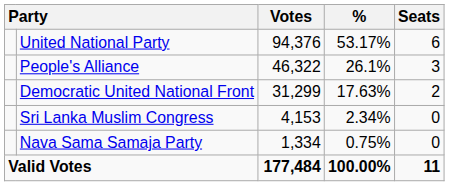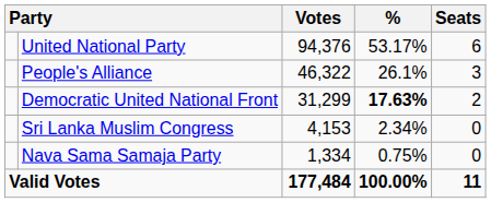 <table class="wikitable" style="text-align:right;">
 <tr>
 <th style="text-align:left;" colspan="2">Party</th>
 <th style="text-align:center; width:60px;">Votes</th>
 <th style="text-align:center; width:60px;">%</th>
 <th style="text-align:center; width:40px;">Seats</th>
 </tr>
 <tr>
 <td bgcolor=> </td>
 <td align=left><a href='#'>United National Party</a></td>
 <td>94,376</td>
 <td>53.17%</td>
 <td>6</td>
 </tr>
 <tr>
 <td bgcolor=> </td>
 <td align=left><a href='#'>People's Alliance</a></td>
 <td>46,322</td>
 <td>26.1%</td>
 <td>3</td>
 </tr>
 <tr>
 <td bgcolor=> </td>
 <td align=left><a href='#'>Democratic United National Front</a></td>
 <td>31,299</td>
-<td>17.63%</td>
+<td><strong>17.63%</strong></td>
 <td>2</td>
 </tr>
 <tr>
 <td bgcolor=> </td>
 <td align=left><a href='#'>Sri Lanka Muslim Congress</a></td>
 <td>4,153</td>
 <td>2.34%</td>
 <td>0</td>
 </tr>
 <tr>
 <td bgcolor=> </td>
 <td align=left><a href='#'>Nava Sama Samaja Party</a></td>
 <td>1,334</td>
 <td>0.75%</td>
 <td>0</td>
 </tr>
 <tr style="font-weight:bold">
 <td style="text-align:left;" colspan="2">Valid Votes</td>
 <td>177,484</td>
 <td>100.00%</td>
 <td>11</td>
 </tr>
 </table>
